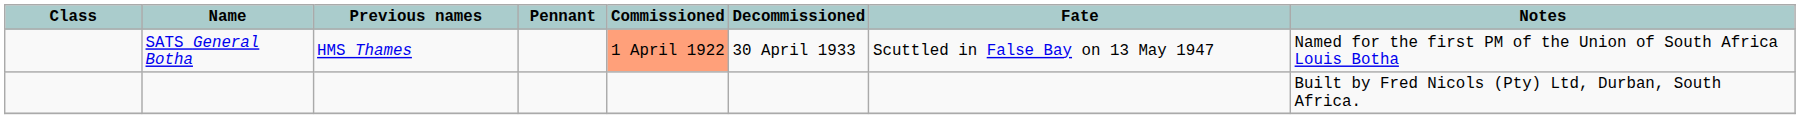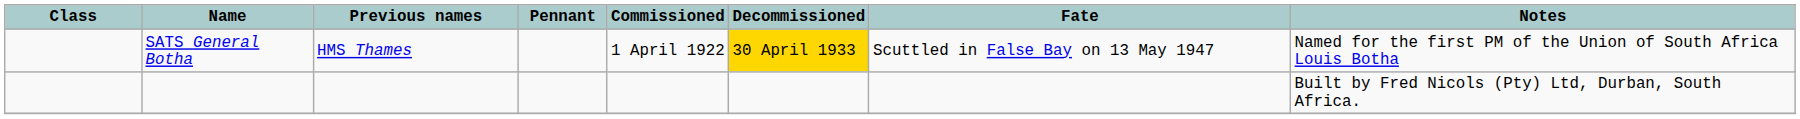 <table class="wikitable sortable" style="font-style: normal; font-size: 85%">
 <tr>
 <th style="width:8%; background-color:#aacccc">Class</th>
 <th style="width:10%; background-color:#aacccc">Name</th>
 <th class=unsortable style="width:12%; background-color:#aacccc">Previous names</th>
 <th style="width:5%; background-color:#aacccc">Pennant</th>
 <th style="width:5%; background-color:#aacccc">Commissioned</th>
 <th style="width:5%; background-color:#aacccc">Decommissioned</th>
 <th class=unsortable style="width:25%; background-color:#aacccc">Fate</th>
 <th class=unsortable style="width:30%; background-color:#aacccc">Notes</th>
 </tr>
 <tr>
 <td></td>
 <td><a href='#'>SATS <em>General Botha</em></a></td>
 <td><a href='#'>HMS <em>Thames</em></a></td>
 <td></td>
-<td style="background: lightsalmon;">1 April 1922</td>
-<td>30 April 1933</td>
+<td>1 April 1922</td>
+<td style="background: gold;">30 April 1933</td>
 <td>Scuttled in <a href='#'>False Bay</a> on 13 May 1947</td>
 <td>Named for the first PM of the Union of South Africa <a href='#'>Louis Botha</a></td>
 </tr>
 <tr>
 <td></td>
 <td></td>
 <td></td>
 <td></td>
 <td></td>
 <td></td>
 <td></td>
 <td>Built by Fred Nicols (Pty) Ltd, Durban, South Africa.</td>
 </tr>
 <tr>
 </tr>
 </table>
